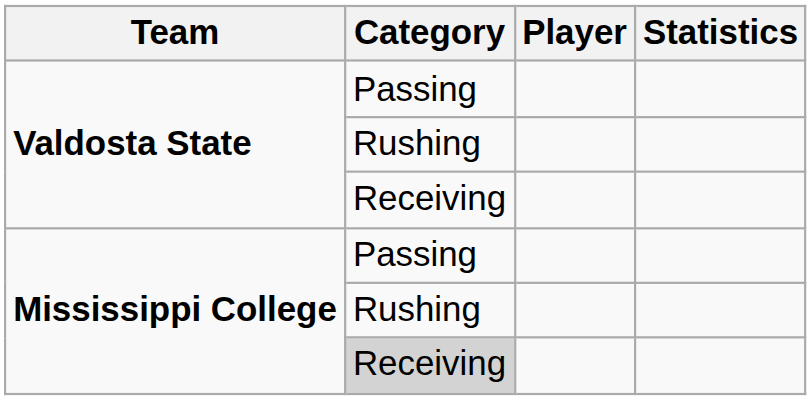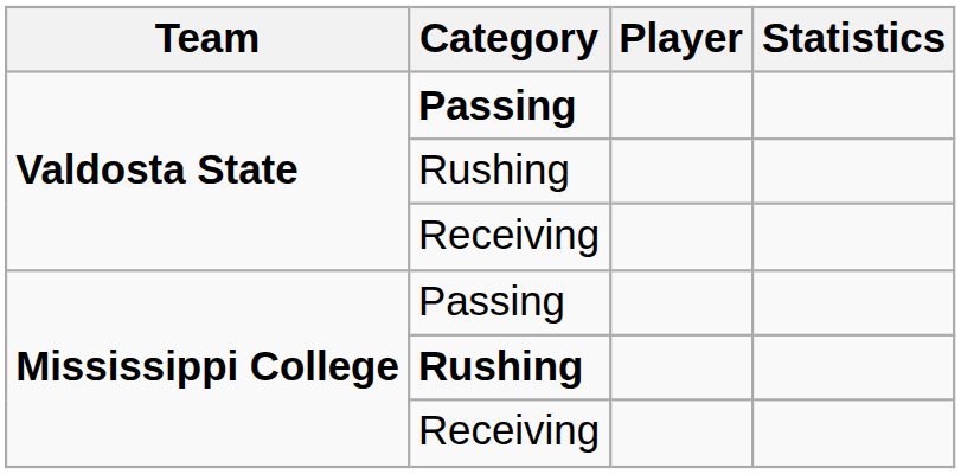 <table class="wikitable" style="float: left;">
 <tr>
 <th>Team</th>
 <th>Category</th>
 <th>Player</th>
 <th>Statistics</th>
 </tr>
 <tr>
 <td rowspan=3><strong>Valdosta State</strong></td>
-<td>Passing</td>
+<td><strong>Passing</strong></td>
 <td></td>
 <td></td>
 </tr>
 <tr>
 <td>Rushing</td>
 <td></td>
 <td></td>
 </tr>
 <tr>
 <td>Receiving</td>
 <td></td>
 <td></td>
 </tr>
 <tr>
 <td rowspan=3><strong>Mississippi College</strong></td>
 <td>Passing</td>
 <td></td>
 <td></td>
 </tr>
 <tr>
-<td>Rushing</td>
+<td><strong>Rushing</strong></td>
 <td></td>
 <td></td>
 </tr>
 <tr>
-<td style="background: lightgrey;">Receiving</td>
+<td>Receiving</td>
 <td></td>
 <td></td>
 </tr>
 </table>
